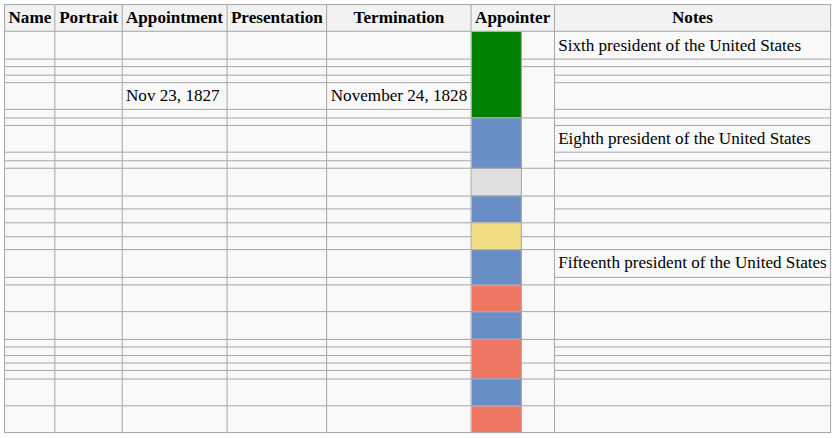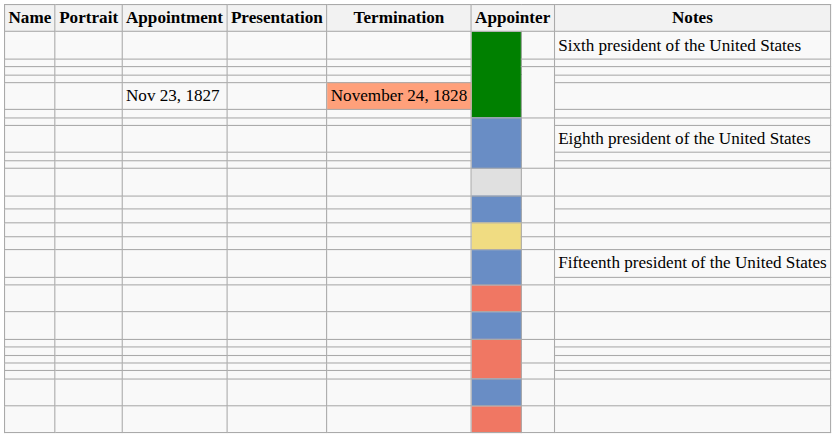 <table class="wikitable sortable"  text-align:center;">
 <tr>
 <th>Name</th>
 <th class="unsortable">Portrait</th>
 <th>Appointment</th>
 <th>Presentation</th>
 <th>Termination</th>
 <th colspan="2">Appointer</th>
 <th class="unsortable">Notes</th>
 </tr>
 <tr>
 <td></td>
 <td></td>
 <td></td>
 <td></td>
 <td></td>
 <td rowspan="6" style="background:#008000;"> </td>
 <td></td>
 <td>Sixth president of the United States</td>
 </tr>
 <tr>
 <td></td>
 <td></td>
 <td></td>
 <td></td>
 <td></td>
 <td></td>
 <td></td>
 </tr>
 <tr>
 <td></td>
 <td></td>
 <td></td>
 <td></td>
 <td></td>
 <td rowspan="4"></td>
 <td></td>
 </tr>
 <tr>
 <td></td>
 <td></td>
 <td></td>
 <td></td>
 <td></td>
 <td></td>
 </tr>
 <tr>
 <td></td>
 <td></td>
 <td>Nov 23, 1827</td>
 <td></td>
-<td>November 24, 1828</td>
+<td style="background: lightsalmon;">November 24, 1828</td>
 <td></td>
 </tr>
 <tr>
 <td></td>
 <td></td>
 <td></td>
 <td></td>
 <td></td>
 <td></td>
 </tr>
 <tr>
 <td></td>
 <td></td>
 <td></td>
 <td></td>
 <td></td>
 <td style="background:#698dc5;" rowspan="4"> </td>
 <td rowspan="4"></td>
 <td></td>
 </tr>
 <tr>
 <td></td>
 <td></td>
 <td></td>
 <td></td>
 <td></td>
 <td>Eighth president of the United States</td>
 </tr>
 <tr>
 <td></td>
 <td></td>
 <td></td>
 <td></td>
 <td></td>
 <td></td>
 </tr>
 <tr>
 <td></td>
 <td></td>
 <td></td>
 <td></td>
 <td></td>
 <td></td>
 </tr>
 <tr>
 <td></td>
 <td></td>
 <td></td>
 <td></td>
 <td></td>
 <td style="background:#e0e0e0;"> </td>
 <td></td>
 <td></td>
 </tr>
 <tr>
 <td></td>
 <td></td>
 <td></td>
 <td></td>
 <td></td>
 <td style="background:#698dc5;" rowspan="2"> </td>
 <td rowspan="2"></td>
 <td></td>
 </tr>
 <tr>
 <td></td>
 <td></td>
 <td></td>
 <td></td>
 <td></td>
 <td></td>
 </tr>
 <tr>
 <td></td>
 <td></td>
 <td></td>
 <td></td>
 <td></td>
 <td style="background:#f0dc82;" rowspan="2"> </td>
 <td></td>
 <td></td>
 </tr>
 <tr>
 <td></td>
 <td></td>
 <td></td>
 <td></td>
 <td></td>
 <td></td>
 <td></td>
 </tr>
 <tr>
 <td></td>
 <td></td>
 <td></td>
 <td></td>
 <td></td>
 <td style="background:#698dc5;" rowspan="2"> </td>
 <td rowspan="2"></td>
 <td>Fifteenth president of the United States</td>
 </tr>
 <tr>
 <td></td>
 <td></td>
 <td></td>
 <td></td>
 <td></td>
 <td></td>
 </tr>
 <tr>
 <td></td>
 <td></td>
 <td></td>
 <td></td>
 <td></td>
 <td style="background:#f07763;"> </td>
 <td></td>
 <td></td>
 </tr>
 <tr>
 <td></td>
 <td></td>
 <td></td>
 <td></td>
 <td></td>
 <td style="background:#698dc5;"> </td>
 <td></td>
 <td></td>
 </tr>
 <tr>
 <td></td>
 <td></td>
 <td></td>
 <td></td>
 <td></td>
 <td style="background:#f07763;" rowspan="5"> </td>
 <td rowspan="3"></td>
 <td></td>
 </tr>
 <tr>
 <td></td>
 <td></td>
 <td></td>
 <td></td>
 <td></td>
 <td></td>
 </tr>
 <tr>
 <td></td>
 <td></td>
 <td></td>
 <td></td>
 <td></td>
 <td></td>
 </tr>
 <tr>
 <td></td>
 <td></td>
 <td></td>
 <td></td>
 <td></td>
 <td rowspan="2"></td>
 <td></td>
 </tr>
 <tr>
 <td></td>
 <td></td>
 <td></td>
 <td></td>
 <td></td>
 <td></td>
 </tr>
 <tr>
 <td></td>
 <td></td>
 <td></td>
 <td></td>
 <td></td>
 <td style="background:#698dc5;"> </td>
 <td></td>
 <td></td>
 </tr>
 <tr>
 <td></td>
 <td></td>
 <td></td>
 <td></td>
 <td></td>
 <td style="background:#f07763;"> </td>
 <td></td>
 <td></td>
 </tr>
 </table>
